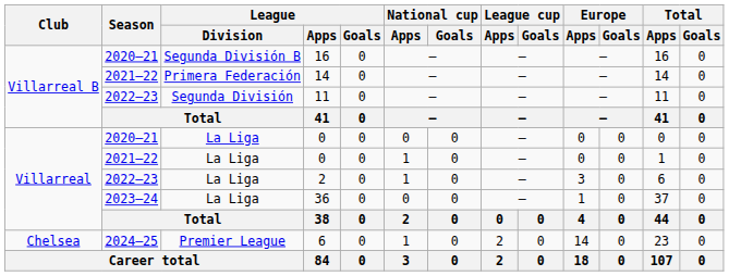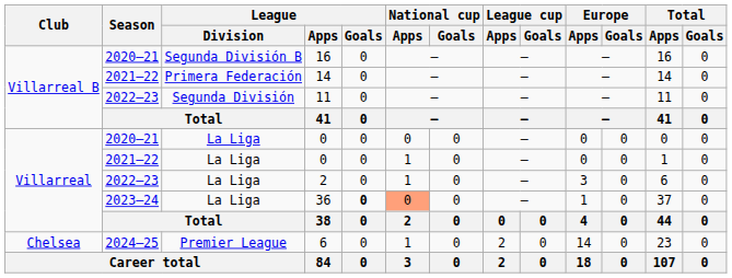 <table class="wikitable" style="text-align:center">
 <tr>
 <th rowspan="2">Club</th>
 <th rowspan="2">Season</th>
 <th colspan="3">League</th>
 <th colspan="2">National cup</th>
 <th colspan="2">League cup</th>
 <th colspan="2">Europe</th>
 <th colspan="2">Total</th>
 </tr>
 <tr>
 <th>Division</th>
 <th>Apps</th>
 <th>Goals</th>
 <th>Apps</th>
 <th>Goals</th>
 <th>Apps</th>
 <th>Goals</th>
 <th>Apps</th>
 <th>Goals</th>
 <th>Apps</th>
 <th>Goals</th>
 </tr>
 <tr>
 <td rowspan="4"><a href='#'>Villarreal B</a></td>
 <td><a href='#'>2020–21</a></td>
 <td><a href='#'>Segunda División B</a></td>
 <td>16</td>
 <td>0</td>
 <td colspan="2">—</td>
 <td colspan="2">—</td>
 <td colspan="2">—</td>
 <td>16</td>
 <td>0</td>
 </tr>
 <tr>
 <td><a href='#'>2021–22</a></td>
 <td><a href='#'>Primera Federación</a></td>
 <td>14</td>
 <td>0</td>
 <td colspan="2">—</td>
 <td colspan="2">—</td>
 <td colspan="2">—</td>
 <td>14</td>
 <td>0</td>
 </tr>
 <tr>
 <td><a href='#'>2022–23</a></td>
 <td><a href='#'>Segunda División</a></td>
 <td>11</td>
 <td>0</td>
 <td colspan="2">—</td>
 <td colspan="2">—</td>
 <td colspan="2">—</td>
 <td>11</td>
 <td>0</td>
 </tr>
 <tr>
 <th colspan="2">Total</th>
 <th>41</th>
 <th>0</th>
 <th colspan="2">—</th>
 <th colspan="2">—</th>
 <th colspan="2">—</th>
 <th>41</th>
 <th>0</th>
 </tr>
 <tr>
 <td rowspan="5"><a href='#'>Villarreal</a></td>
 <td><a href='#'>2020–21</a></td>
 <td><a href='#'>La Liga</a></td>
 <td>0</td>
 <td>0</td>
 <td>0</td>
 <td>0</td>
 <td colspan="2">—</td>
 <td>0</td>
 <td>0</td>
 <td>0</td>
 <td>0</td>
 </tr>
 <tr>
 <td><a href='#'>2021–22</a></td>
 <td>La Liga</td>
 <td>0</td>
 <td>0</td>
 <td>1</td>
 <td>0</td>
 <td colspan="2">—</td>
 <td>0</td>
 <td>0</td>
 <td>1</td>
 <td>0</td>
 </tr>
 <tr>
 <td><a href='#'>2022–23</a></td>
 <td>La Liga</td>
 <td>2</td>
 <td>0</td>
 <td>1</td>
 <td>0</td>
 <td colspan="2">—</td>
 <td>3</td>
 <td>0</td>
 <td>6</td>
 <td>0</td>
 </tr>
 <tr>
 <td><a href='#'>2023–24</a></td>
 <td>La Liga</td>
 <td>36</td>
-<td>0</td>
-<td>0</td>
+<td><strong>0</strong></td>
+<td style="background: lightsalmon;">0</td>
 <td>0</td>
 <td colspan="2">—</td>
 <td>1</td>
 <td>0</td>
 <td>37</td>
 <td>0</td>
 </tr>
 <tr>
 <th colspan="2">Total</th>
 <th>38</th>
 <th>0</th>
 <th>2</th>
 <th>0</th>
 <th>0</th>
 <th>0</th>
 <th>4</th>
 <th>0</th>
 <th>44</th>
 <th>0</th>
 </tr>
 <tr>
 <td><a href='#'>Chelsea</a></td>
 <td><a href='#'>2024–25</a></td>
 <td><a href='#'>Premier League</a></td>
 <td>6</td>
 <td>0</td>
 <td>1</td>
 <td>0</td>
 <td>2</td>
 <td>0</td>
 <td>14</td>
 <td>0</td>
 <td>23</td>
 <td>0</td>
 </tr>
 <tr>
 <th colspan="3">Career total</th>
 <th>84</th>
 <th>0</th>
 <th>3</th>
 <th>0</th>
 <th>2</th>
 <th>0</th>
 <th>18</th>
 <th>0</th>
 <th>107</th>
 <th>0</th>
 </tr>
 </table>
